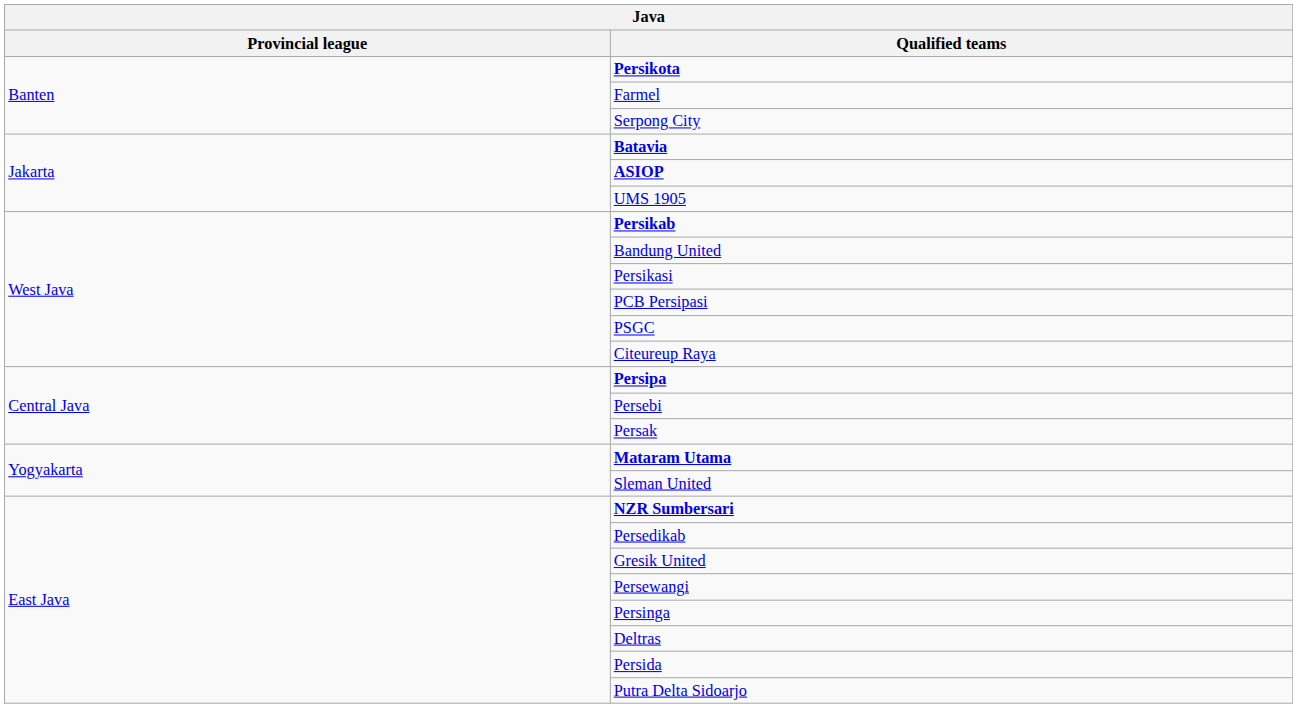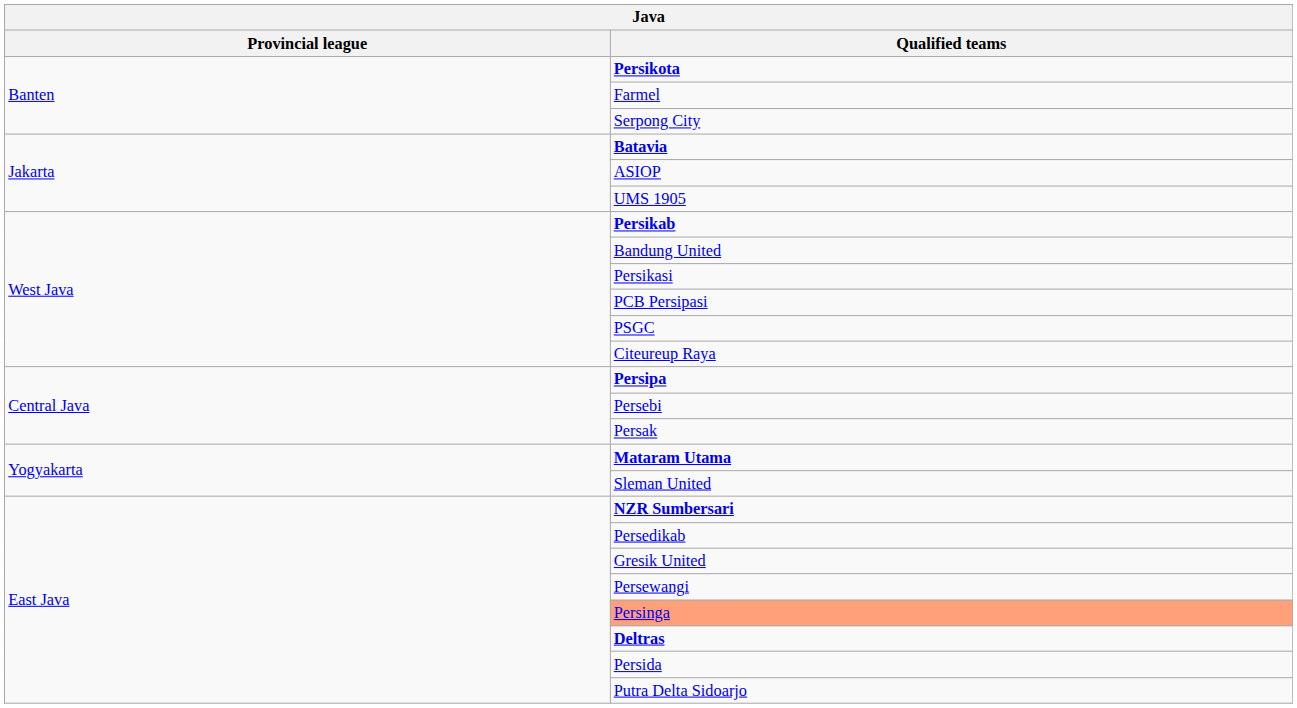 <table class="wikitable sortable" style="width:100%;">
 <tr>
 <th colspan="2"><strong>Java</strong></th>
 </tr>
 <tr>
 <th style="width:47%;">Provincial league</th>
 <th style="width:53%;">Qualified teams</th>
 </tr>
 <tr>
 <td rowspan="3"> <a href='#'>Banten</a></td>
 <td><strong><a href='#'>Persikota</a></strong></td>
 </tr>
 <tr>
 <td><a href='#'>Farmel</a></td>
 </tr>
 <tr>
 <td><a href='#'>Serpong City</a></td>
 </tr>
 <tr>
 <td rowspan="3"> <a href='#'>Jakarta</a></td>
 <td><strong><a href='#'>Batavia</a></strong></td>
 </tr>
 <tr>
-<td><strong><a href='#'>ASIOP</a></strong></td>
+<td><a href='#'>ASIOP</a></td>
 </tr>
 <tr>
 <td><a href='#'>UMS 1905</a></td>
 </tr>
 <tr>
 <td rowspan="6"> <a href='#'>West Java</a></td>
 <td><strong><a href='#'>Persikab</a></strong></td>
 </tr>
 <tr>
 <td><a href='#'>Bandung United</a></td>
 </tr>
 <tr>
 <td><a href='#'>Persikasi</a></td>
 </tr>
 <tr>
 <td><a href='#'>PCB Persipasi</a></td>
 </tr>
 <tr>
 <td><a href='#'>PSGC</a></td>
 </tr>
 <tr>
 <td><a href='#'>Citeureup Raya</a></td>
 </tr>
 <tr>
 <td rowspan="3"> <a href='#'>Central Java</a></td>
 <td><strong><a href='#'>Persipa</a></strong></td>
 </tr>
 <tr>
 <td><a href='#'>Persebi</a></td>
 </tr>
 <tr>
 <td><a href='#'>Persak</a></td>
 </tr>
 <tr>
 <td rowspan="2"> <a href='#'>Yogyakarta</a></td>
 <td><strong><a href='#'>Mataram Utama</a></strong></td>
 </tr>
 <tr>
 <td><a href='#'>Sleman United</a></td>
 </tr>
 <tr>
 <td rowspan="8"> <a href='#'>East Java</a></td>
 <td><strong><a href='#'>NZR Sumbersari</a></strong></td>
 </tr>
 <tr>
 <td><a href='#'>Persedikab</a></td>
 </tr>
 <tr>
 <td><a href='#'>Gresik United</a></td>
 </tr>
 <tr>
 <td><a href='#'>Persewangi</a></td>
 </tr>
 <tr>
-<td><a href='#'>Persinga</a></td>
+<td style="background: lightsalmon;"><a href='#'>Persinga</a></td>
 </tr>
 <tr>
-<td><a href='#'>Deltras</a></td>
+<td><strong><a href='#'>Deltras</a></strong></td>
 </tr>
 <tr>
 <td><a href='#'>Persida</a></td>
 </tr>
 <tr>
 <td><a href='#'>Putra Delta Sidoarjo</a></td>
 </tr>
 </table>
